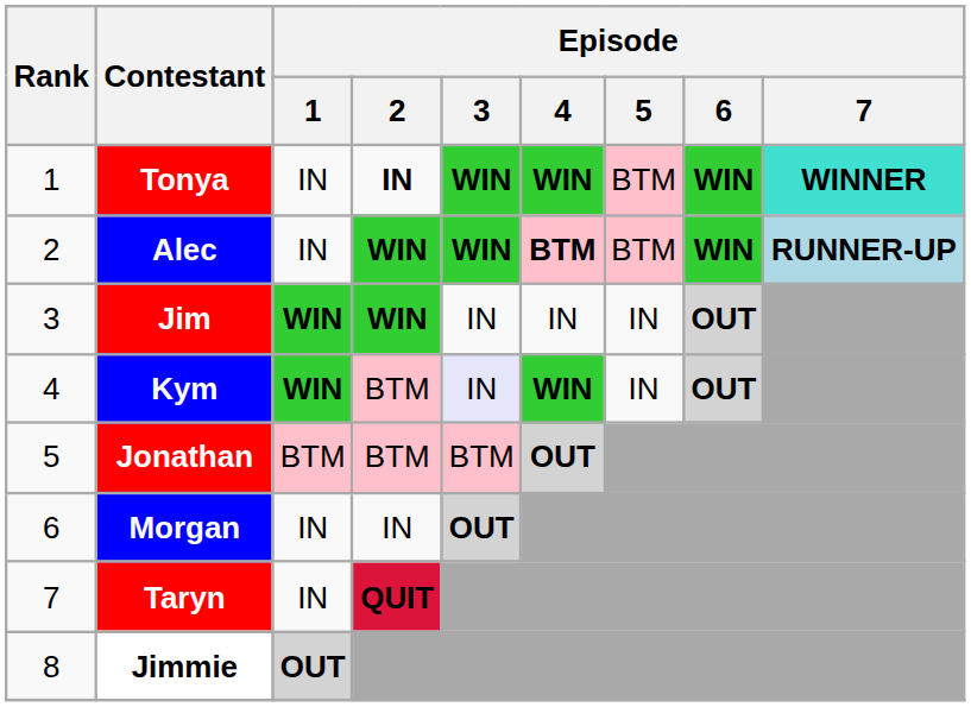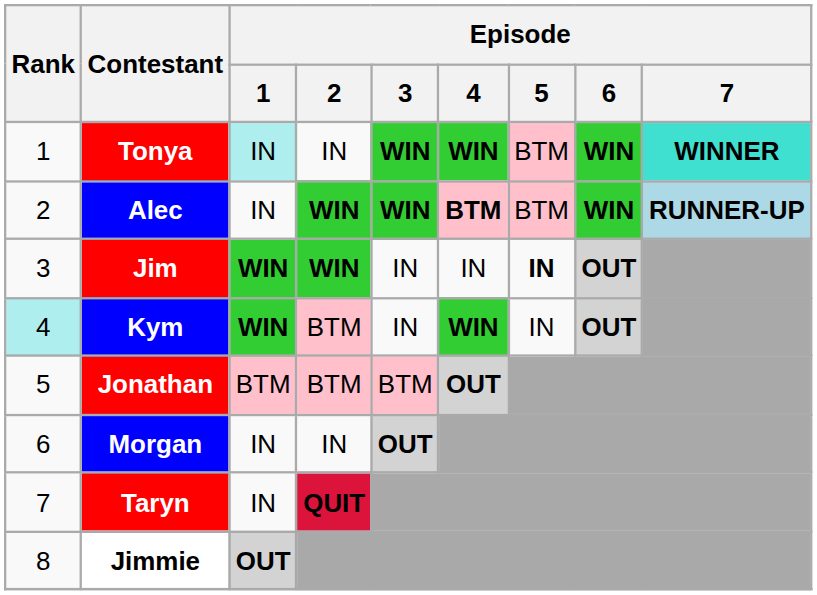 <table class="wikitable" style="text-align: center; font-size: 8.5pt; line-height:20px;">
 <tr>
 <th rowspan="2">Rank</th>
 <th rowspan="2">Contestant</th>
 <th colspan="7">Episode</th>
 </tr>
 <tr>
 <th>1</th>
 <th>2</th>
 <th>3</th>
 <th>4</th>
 <th>5</th>
 <th>6</th>
 <th>7</th>
 </tr>
 <tr>
 <td>1</td>
 <td style="background:red; color:white;"><strong>Tonya</strong></td>
+<td style="background: paleturquoise;">IN</td>
 <td>IN</td>
-<td><strong>IN</strong></td>
 <td bgcolor="limegreen"><strong>WIN</strong></td>
 <td bgcolor="limegreen"><strong>WIN</strong></td>
 <td style="background:pink;">BTM</td>
 <td bgcolor="limegreen"><strong>WIN</strong></td>
 <td bgcolor="turquoise"><strong>WINNER</strong></td>
 </tr>
 <tr>
 <td>2</td>
 <td style="background:blue; color:white;"><strong>Alec</strong></td>
 <td>IN</td>
 <td bgcolor="limegreen"><strong>WIN</strong></td>
 <td bgcolor="limegreen"><strong>WIN</strong></td>
 <td style="background:pink;"><strong>BTM</strong></td>
 <td style="background:pink;">BTM</td>
 <td bgcolor="limegreen"><strong>WIN</strong></td>
 <td bgcolor="lightblue"><strong>RUNNER-UP</strong></td>
 </tr>
 <tr>
 <td>3</td>
 <td style="background:red; color:white;"><strong>Jim</strong></td>
 <td bgcolor="limegreen"><strong>WIN</strong></td>
 <td bgcolor="limegreen"><strong>WIN</strong></td>
 <td>IN</td>
 <td>IN</td>
-<td>IN</td>
+<td><strong>IN</strong></td>
 <td style="background:lightgray;"><strong>OUT</strong></td>
 <td colspan="7" style="background:darkgrey;"></td>
 </tr>
 <tr>
-<td>4</td>
+<td style="background: paleturquoise;">4</td>
 <td style="background:blue; color:white;"><strong>Kym</strong></td>
 <td bgcolor="limegreen"><strong>WIN</strong></td>
 <td style="background:pink;">BTM</td>
-<td style="background: lavender;">IN</td>
+<td>IN</td>
 <td bgcolor="limegreen"><strong>WIN</strong></td>
 <td>IN</td>
 <td style="background:lightgray;"><strong>OUT</strong></td>
 <td colspan="7" style="background:darkgrey;"></td>
 </tr>
 <tr>
 <td>5</td>
 <td style="background:red; color:white;"><strong>Jonathan</strong></td>
 <td style="background:pink;">BTM</td>
 <td style="background:pink;">BTM</td>
 <td style="background:pink;">BTM</td>
 <td style="background:lightgray;"><strong>OUT</strong></td>
 <td colspan="5" style="background:darkgrey;"></td>
 </tr>
 <tr>
 <td>6</td>
 <td style="background:blue; color:white;"><strong>Morgan</strong></td>
 <td>IN</td>
 <td>IN</td>
 <td style="background:lightgray;"><strong>OUT</strong></td>
 <td colspan="4" style="background:darkgrey;"></td>
 </tr>
 <tr>
 <td>7</td>
 <td style="background:red; color:white;"><strong>Taryn</strong></td>
 <td>IN</td>
 <td bgcolor="crimson"><span><strong>QUIT</strong></span></td>
 <td colspan="5" style="background:darkgrey;"></td>
 </tr>
 <tr>
 <td>8</td>
 <td style="background:white; color:black;"><strong>Jimmie</strong></td>
 <td style="background:lightgray;"><strong>OUT</strong></td>
 <td colspan="6" style="background:darkgrey;"></td>
 </tr>
 <tr>
 </tr>
 </table>
